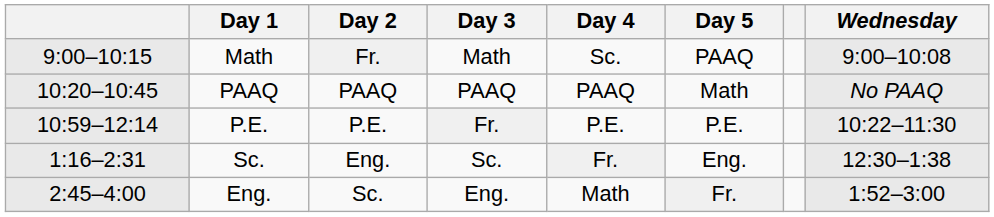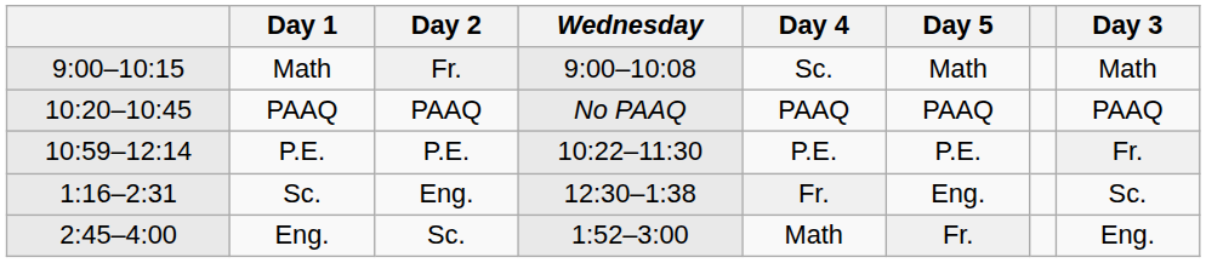 <table class="wikitable" style="margin:1em auto; text-align:center;">
 <tr>
 <th style="width:8em;"></th>
 <th style="width:5em;">Day 1</th>
 <th style="width:5em;">Day 2</th>
-<th style="width:5em;">Day 3</th>
+<th style="width:8em;"><em>Wednesday</em></th>
 <th style="width:5em;">Day 4</th>
 <th style="width:5em;">Day 5</th>
 <th style="width:0.5em;"></th>
-<th style="width:8em;"><em>Wednesday</em></th>
+<th style="width:5em;">Day 3</th>
 </tr>
 <tr>
 <td style="background:#e9e9e9;">9:00–10:15</td>
 <td>Math</td>
 <td style="background:#f0f0f0;">Fr.</td>
+<td style="background:#e9e9e9;">9:00–10:08</td>
+<td>Sc.</td>
 <td>Math</td>
-<td>Sc.</td>
-<td>PAAQ</td>
 <td><br></td>
-<td style="background:#e9e9e9;">9:00–10:08</td>
+<td>Math</td>
 </tr>
 <tr>
 <td style="background:#e9e9e9;">10:20–10:45</td>
 <td>PAAQ</td>
 <td>PAAQ</td>
+<td style="background:#e9e9e9;"><em>No PAAQ</em></td>
 <td>PAAQ</td>
 <td>PAAQ</td>
-<td>Math</td>
 <td><br></td>
-<td style="background:#e9e9e9;"><em>No PAAQ</em></td>
+<td>PAAQ</td>
 </tr>
 <tr>
 <td style="background:#e9e9e9;">10:59–12:14</td>
 <td>P.E.</td>
 <td>P.E.</td>
-<td style="background:#f0f0f0;">Fr.</td>
+<td style="background:#e9e9e9;">10:22–11:30</td>
 <td>P.E.</td>
 <td>P.E.</td>
 <td><br></td>
-<td style="background:#e9e9e9;">10:22–11:30</td>
+<td style="background:#f0f0f0;">Fr.</td>
 </tr>
 <tr>
 <td style="background:#e9e9e9;">1:16–2:31</td>
 <td>Sc.</td>
 <td>Eng.</td>
-<td>Sc.</td>
+<td style="background:#e9e9e9;">12:30–1:38</td>
 <td style="background:#f0f0f0;">Fr.</td>
 <td>Eng.</td>
 <td><br></td>
-<td style="background:#e9e9e9;">12:30–1:38</td>
+<td>Sc.</td>
 </tr>
 <tr>
 <td style="background:#e9e9e9;">2:45–4:00</td>
 <td>Eng.</td>
 <td>Sc.</td>
-<td>Eng.</td>
+<td style="background:#e9e9e9;">1:52–3:00</td>
 <td>Math</td>
 <td style="background:#f0f0f0;">Fr.</td>
 <td><br></td>
-<td style="background:#e9e9e9;">1:52–3:00</td>
+<td>Eng.</td>
 </tr>
 </table>
